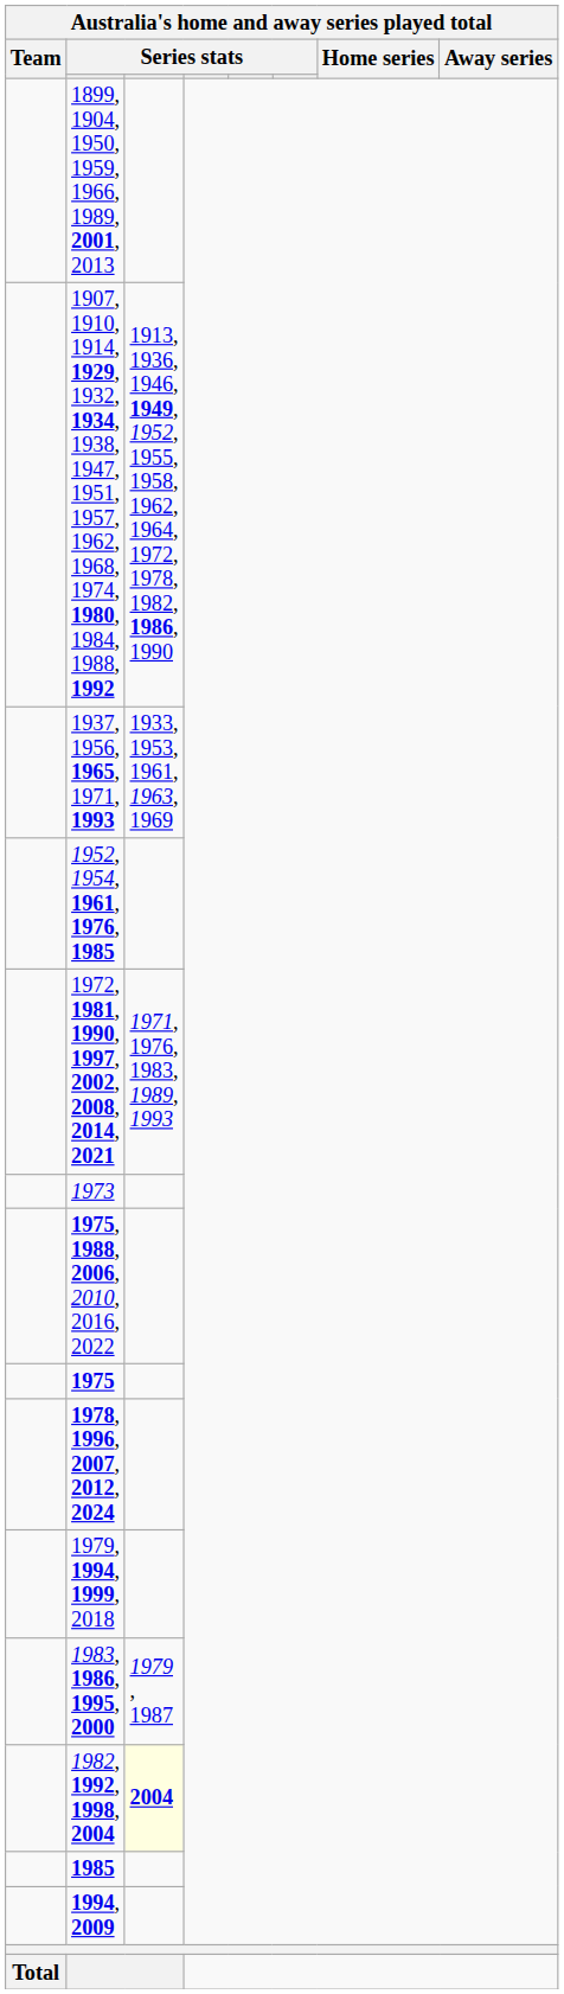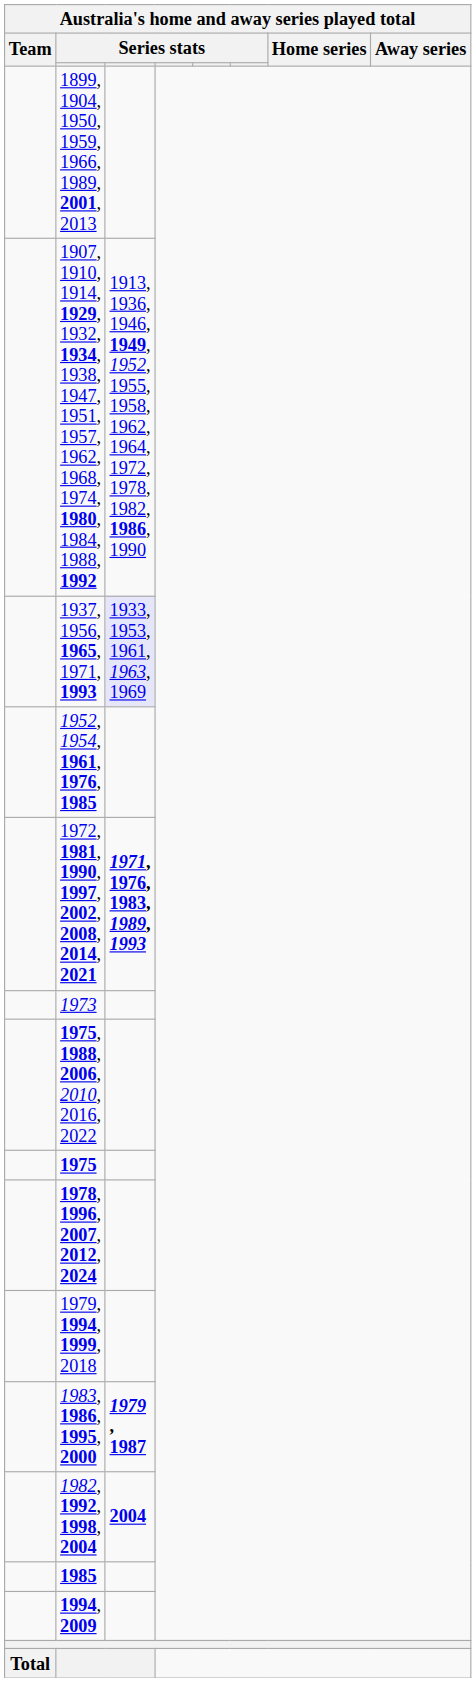 <table class="wikitable">
 <tr>
 <th colspan=8>Australia's home and away series played total</th>
 </tr>
 <tr>
 <th rowspan=2>Team</th>
 <th colspan=5>Series stats</th>
 <th rowspan=2>Home series</th>
 <th rowspan=2>Away series</th>
 </tr>
 <tr>
 <th style="width:30px; padding:1px;"></th>
 <th style="width:30px; padding:1px;"></th>
 <th style="width:30px; padding:1px;"></th>
 <th style="width:30px; padding:1px;"></th>
 <th style="width:30px; padding:1px;"></th>
 </tr>
 <tr>
 <td><br></td>
 <td><a href='#'>1899</a>, <a href='#'>1904</a>, <a href='#'>1950</a>, <a href='#'>1959</a>, <a href='#'>1966</a>, <a href='#'>1989</a>, <strong><a href='#'>2001</a></strong>, <a href='#'>2013</a></td>
 <td></td>
 </tr>
 <tr>
 <td><br></td>
 <td><a href='#'>1907</a>, <a href='#'>1910</a>, <a href='#'>1914</a>, <strong><a href='#'>1929</a></strong>, <a href='#'>1932</a>, <strong><a href='#'>1934</a></strong>, <a href='#'>1938</a>, <a href='#'>1947</a>, <a href='#'>1951</a>,  <a href='#'>1957</a>, <a href='#'>1962</a>, <a href='#'>1968</a>, <a href='#'>1974</a>, <strong><a href='#'>1980</a></strong>, <a href='#'>1984</a>, <a href='#'>1988</a>, <strong><a href='#'>1992</a></strong></td>
 <td><a href='#'>1913</a>, <a href='#'>1936</a>, <a href='#'>1946</a>, <strong><a href='#'>1949</a></strong>, <em><a href='#'>1952</a></em>, <a href='#'>1955</a>, <a href='#'>1958</a>, <a href='#'>1962</a>, <a href='#'>1964</a>, <a href='#'>1972</a>, <a href='#'>1978</a>, <a href='#'>1982</a>, <strong><a href='#'>1986</a></strong>, <a href='#'>1990</a></td>
 </tr>
 <tr>
 <td><br></td>
 <td><a href='#'>1937</a>, <a href='#'>1956</a>, <strong><a href='#'>1965</a></strong>, <a href='#'>1971</a>, <strong><a href='#'>1993</a></strong></td>
-<td><a href='#'>1933</a>, <a href='#'>1953</a>, <a href='#'>1961</a>, <em><a href='#'>1963</a></em>, <a href='#'>1969</a></td>
+<td style="background: lavender;"><a href='#'>1933</a>, <a href='#'>1953</a>, <a href='#'>1961</a>, <em><a href='#'>1963</a></em>, <a href='#'>1969</a></td>
 </tr>
 <tr>
 <td><br></td>
 <td><em><a href='#'>1952</a></em>, <em><a href='#'>1954</a></em>, <strong><a href='#'>1961</a></strong>, <strong><a href='#'>1976</a></strong>, <strong><a href='#'>1985</a></strong></td>
 <td></td>
 </tr>
 <tr>
 <td><br></td>
 <td><a href='#'>1972</a>, <strong><a href='#'>1981</a></strong>, <strong><a href='#'>1990</a></strong>, <strong><a href='#'>1997</a></strong>, <strong><a href='#'>2002</a></strong>, <strong><a href='#'>2008</a></strong>, <strong><a href='#'>2014</a></strong>, <strong><a href='#'>2021</a></strong></td>
-<td><em><a href='#'>1971</a></em>,  <a href='#'>1976</a>, <a href='#'>1983</a>, <em><a href='#'>1989</a></em>, <em><a href='#'>1993</a></em></td>
+<td><strong><em><a href='#'>1971</a></em>,  <a href='#'>1976</a>, <a href='#'>1983</a>, <em><a href='#'>1989</a></em>, <em><a href='#'>1993</a></em></strong></td>
 </tr>
 <tr>
 <td><br></td>
 <td><em><a href='#'>1973</a></em></td>
 <td></td>
 </tr>
 <tr>
 <td><br></td>
 <td><strong><a href='#'>1975</a></strong>, <strong><a href='#'>1988</a></strong>, <strong><a href='#'>2006</a></strong>, <em><a href='#'>2010</a></em>, <a href='#'>2016</a>, <a href='#'>2022</a></td>
 <td></td>
 </tr>
 <tr>
 <td><br></td>
 <td><strong><a href='#'>1975</a></strong></td>
 <td></td>
 </tr>
 <tr>
 <td><br></td>
 <td><strong><a href='#'>1978</a></strong>, <strong><a href='#'>1996</a></strong>, <strong><a href='#'>2007</a></strong>, <strong><a href='#'>2012</a></strong>, <strong><a href='#'>2024</a></strong></td>
 <td></td>
 </tr>
 <tr>
 <td><br></td>
 <td><a href='#'>1979</a>, <strong><a href='#'>1994</a></strong>, <strong><a href='#'>1999</a></strong>, <a href='#'>2018</a></td>
 <td></td>
 </tr>
 <tr>
 <td><br></td>
 <td><em><a href='#'>1983</a></em>, <strong><a href='#'>1986</a></strong>, <strong><a href='#'>1995</a></strong>, <strong><a href='#'>2000</a></strong></td>
-<td><em><a href='#'>1979</a></em> , <a href='#'>1987</a></td>
+<td><strong><em><a href='#'>1979</a></em> , <a href='#'>1987</a></strong></td>
 </tr>
 <tr>
 <td><br></td>
 <td><em><a href='#'>1982</a></em>, <strong><a href='#'>1992</a></strong>, <strong><a href='#'>1998</a></strong>, <strong><a href='#'>2004</a></strong></td>
-<td style="background: lightyellow;"><strong><a href='#'>2004</a></strong></td>
+<td><strong><a href='#'>2004</a></strong></td>
 </tr>
 <tr>
 <td><br></td>
 <td><strong><a href='#'>1985</a></strong></td>
 <td></td>
 </tr>
 <tr>
 <td><br></td>
 <td><strong><a href='#'>1994</a></strong>, <strong><a href='#'>2009</a></strong></td>
 <td></td>
 </tr>
 <tr>
 <th colspan=8></th>
 </tr>
 <tr>
 <th>Total<br></th>
 <th colspan=2 style="font-size:85%; font-weight:normal;"></th>
 </tr>
 </table>
